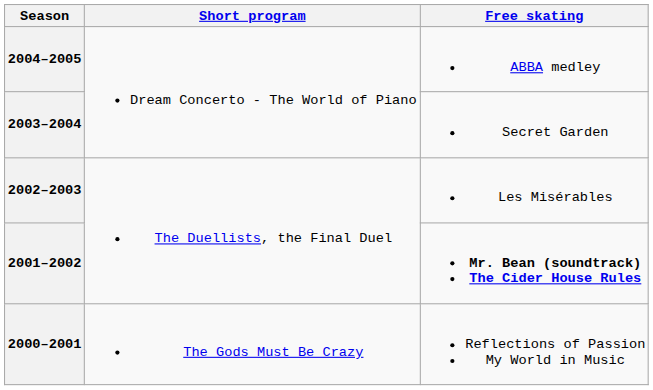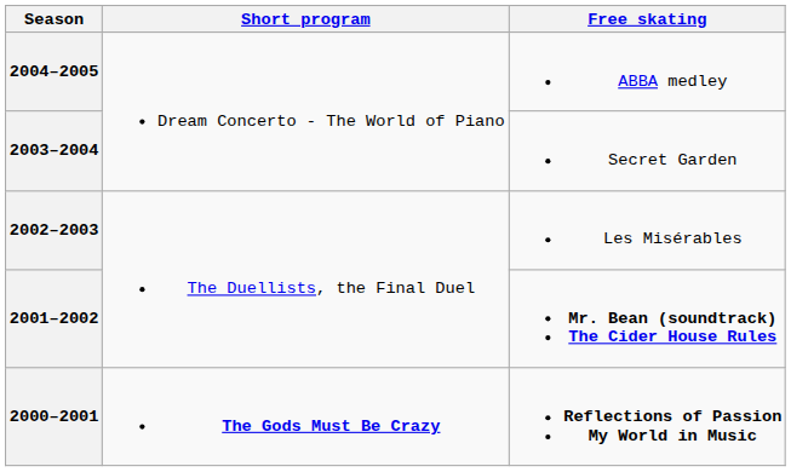 <table class=wikitable style=text-align:center>
 <tr>
 <th>Season</th>
 <th><a href='#'>Short program</a></th>
 <th><a href='#'>Free skating</a></th>
 </tr>
 <tr>
 <th>2004–2005 <br> </th>
 <td rowspan=2><br><ul><li>Dream Concerto - The World of Piano <br></li></ul></td>
 <td><br><ul><li><a href='#'>ABBA</a> medley <br></li></ul></td>
 </tr>
 <tr>
 <th>2003–2004 <br> </th>
 <td><br><ul><li>Secret Garden <br></li></ul></td>
 </tr>
 <tr>
 <th>2002–2003 <br> </th>
 <td rowspan=2><br><ul><li><a href='#'>The Duellists</a>, the Final Duel <br></li></ul></td>
 <td><br><ul><li>Les Misérables <br></li></ul></td>
 </tr>
 <tr>
 <th>2001–2002 <br> </th>
 <td><strong><br><ul><li>Mr. Bean (soundtrack)</li><li><a href='#'>The Cider House Rules</a> <br></li></ul></strong></td>
 </tr>
 <tr>
 <th>2000–2001 <br> </th>
-<td><br><ul><li><a href='#'>The Gods Must Be Crazy</a> <br></li></ul></td>
-<td><br><ul><li>Reflections of Passion <br></li><li>My World in Music <br></li></ul></td>
+<td><strong><br><ul><li><a href='#'>The Gods Must Be Crazy</a> <br></li></ul></strong></td>
+<td><strong><br><ul><li>Reflections of Passion <br></li><li>My World in Music <br></li></ul></strong></td>
 </tr>
 </table>
